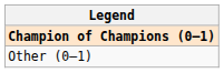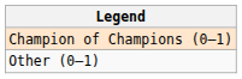 <table class="wikitable">
 <tr>
 <th>Legend</th>
 </tr>
 <tr style="background:#FFE6CC;">
-<td><strong>Champion of Champions (0–1)</strong></td>
+<td>Champion of Champions (0–1)</td>
 </tr>
 <tr>
 <td>Other (0–1)</td>
 </tr>
 </table>
